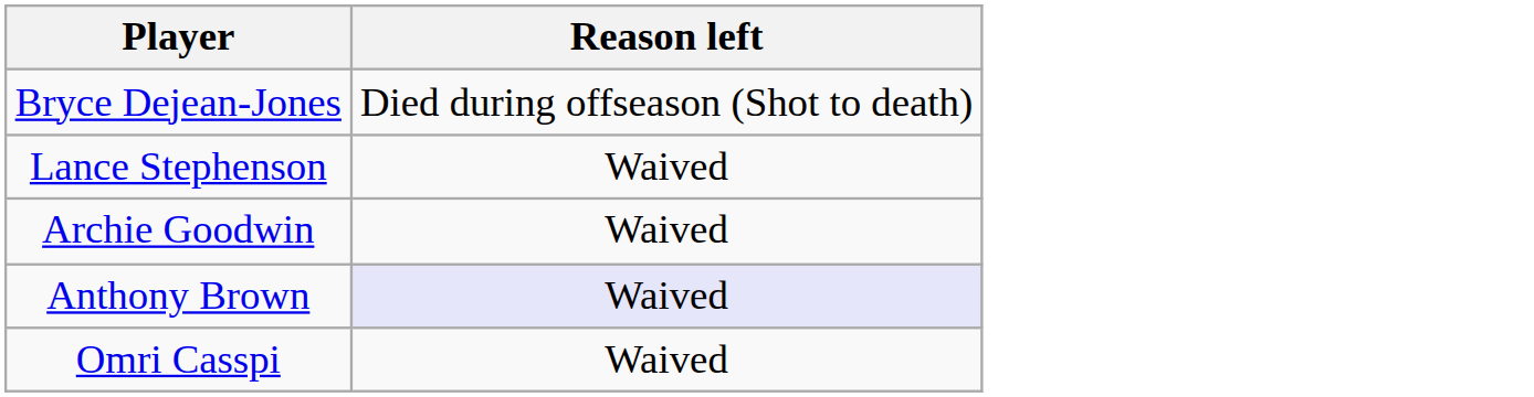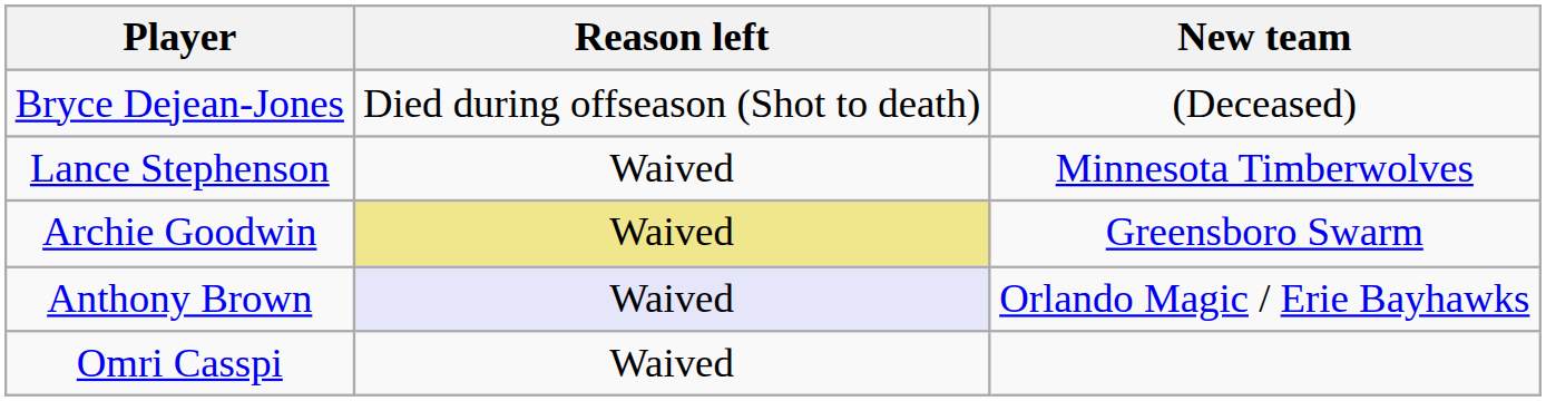 <table class="wikitable sortable sortable">
 <tr>
 <th>Player</th>
 <th>Reason left</th>
+<th>New team</th>
 </tr>
 <tr style="text-align: center">
 <td><a href='#'>Bryce Dejean-Jones</a></td>
 <td>Died during offseason (Shot to death)</td>
+<td> (Deceased)</td>
 </tr>
 <tr style="text-align: center">
 <td><a href='#'>Lance Stephenson</a></td>
 <td>Waived</td>
+<td><a href='#'>Minnesota Timberwolves</a></td>
 </tr>
 <tr style="text-align: center">
 <td><a href='#'>Archie Goodwin</a></td>
-<td>Waived</td>
+<td style="background: khaki;">Waived</td>
+<td><a href='#'>Greensboro Swarm</a></td>
 </tr>
 <tr style="text-align: center">
 <td><a href='#'>Anthony Brown</a></td>
 <td style="background: lavender;">Waived</td>
+<td><a href='#'>Orlando Magic</a> / <a href='#'>Erie Bayhawks</a></td>
 </tr>
 <tr style="text-align: center">
 <td><a href='#'>Omri Casspi</a></td>
 <td>Waived</td>
+<td></td>
 </tr>
 </table>
